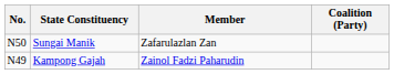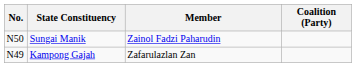 <table class="wikitable">
 <tr>
 <th width="30">No.</th>
 <th width="150">State Constituency</th>
 <th width="245">Member</th>
 <th width="105">Coalition (Party)</th>
 </tr>
 <tr>
 <td>N50</td>
 <td><a href='#'>Sungai Manik</a></td>
-<td>Zafarulazlan Zan</td>
+<td><a href='#'>Zainol Fadzi Paharudin</a></td>
 <td></td>
 </tr>
 <tr>
 <td>N49</td>
 <td><a href='#'>Kampong Gajah</a></td>
-<td><a href='#'>Zainol Fadzi Paharudin</a></td>
+<td>Zafarulazlan Zan</td>
 <td></td>
 </tr>
 </table>
